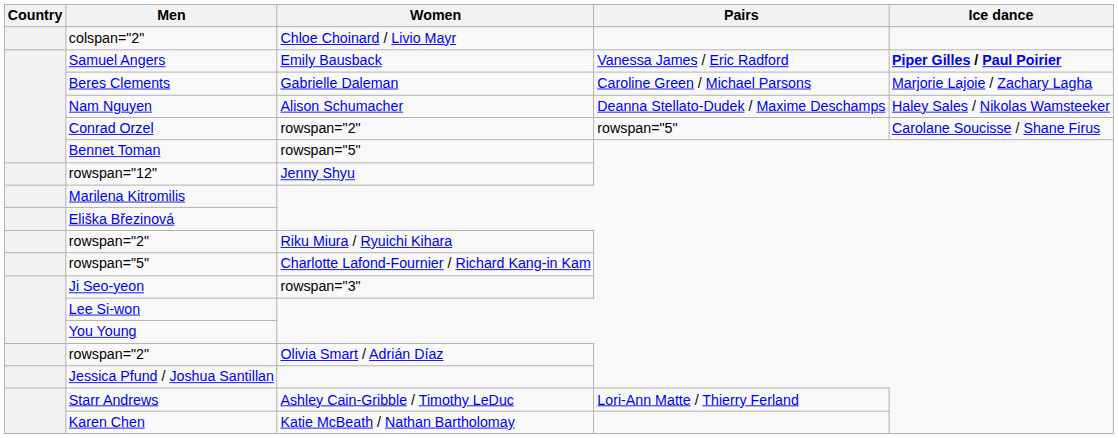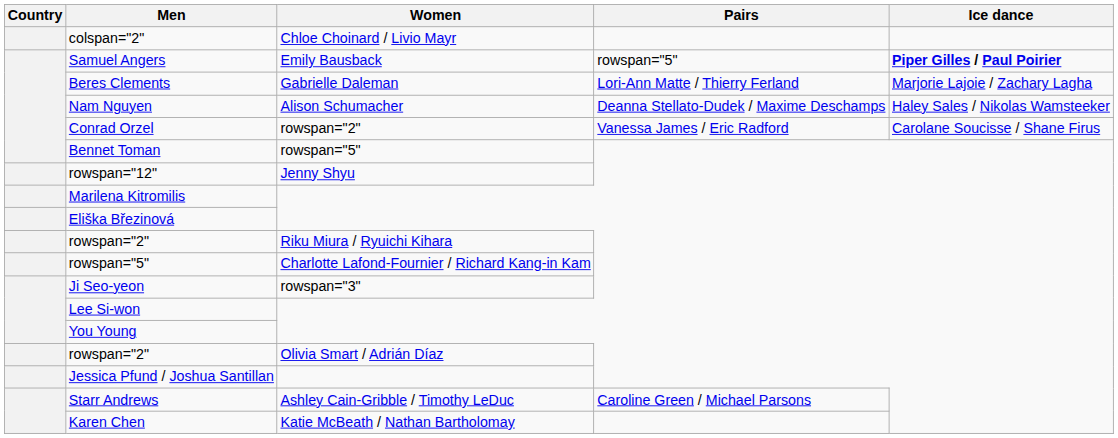 <table class="wikitable sortable" style="text-align:left">
 <tr>
 <th scope="col">Country</th>
 <th scope="col">Men</th>
 <th scope="col">Women</th>
 <th scope="col">Pairs</th>
 <th scope="col">Ice dance</th>
 </tr>
 <tr>
 <th scope="row" style="text-align:left"></th>
 <td>colspan="2" </td>
 <td><a href='#'>Chloe Choinard</a> / <a href='#'>Livio Mayr</a></td>
 <td></td>
 </tr>
 <tr>
 <th rowspan="5" scope="row" style="text-align:left"></th>
 <td><a href='#'>Samuel Angers</a></td>
 <td><a href='#'>Emily Bausback</a></td>
-<td><a href='#'>Vanessa James</a> / <a href='#'>Eric Radford</a></td>
+<td>rowspan="5" </td>
 <td><strong><a href='#'>Piper Gilles</a> / <a href='#'>Paul Poirier</a><br></strong></td>
 </tr>
 <tr>
 <td><a href='#'>Beres Clements</a></td>
 <td><a href='#'>Gabrielle Daleman</a></td>
-<td><a href='#'>Caroline Green</a> / <a href='#'>Michael Parsons</a></td>
+<td><a href='#'>Lori-Ann Matte</a> / <a href='#'>Thierry Ferland</a></td>
 <td><a href='#'>Marjorie Lajoie</a> / <a href='#'>Zachary Lagha</a></td>
 </tr>
 <tr>
 <td><a href='#'>Nam Nguyen</a></td>
 <td><a href='#'>Alison Schumacher</a></td>
 <td><a href='#'>Deanna Stellato-Dudek</a> / <a href='#'>Maxime Deschamps</a></td>
 <td><a href='#'>Haley Sales</a> / <a href='#'>Nikolas Wamsteeker</a></td>
 </tr>
 <tr>
 <td><a href='#'>Conrad Orzel</a></td>
 <td>rowspan="2" </td>
-<td>rowspan="5" </td>
+<td><a href='#'>Vanessa James</a> / <a href='#'>Eric Radford</a></td>
 <td><a href='#'>Carolane Soucisse</a> / <a href='#'>Shane Firus</a></td>
 </tr>
 <tr>
 <td><a href='#'>Bennet Toman</a></td>
 <td>rowspan="5" </td>
 </tr>
 <tr>
 <th scope="row" style="text-align:left"></th>
 <td>rowspan="12" </td>
 <td><a href='#'>Jenny Shyu</a></td>
 </tr>
 <tr>
 <th scope="row" style="text-align:left"></th>
 <td><a href='#'>Marilena Kitromilis</a></td>
 </tr>
 <tr>
 <th scope="row" style="text-align:left"></th>
 <td><a href='#'>Eliška Březinová</a></td>
 </tr>
 <tr>
 <th scope="row" style="text-align:left"></th>
 <td>rowspan="2" </td>
 <td><a href='#'>Riku Miura</a> / <a href='#'>Ryuichi Kihara</a></td>
 </tr>
 <tr>
 <th scope="row" style="text-align:left"></th>
 <td>rowspan="5" </td>
 <td><a href='#'>Charlotte Lafond-Fournier</a> / <a href='#'>Richard Kang-in Kam</a></td>
 </tr>
 <tr>
 <th rowspan="3" scope="row" style="text-align:left"></th>
 <td><a href='#'>Ji Seo-yeon</a></td>
 <td>rowspan="3" </td>
 </tr>
 <tr>
 <td><a href='#'>Lee Si-won</a></td>
 </tr>
 <tr>
 <td><a href='#'>You Young</a></td>
 </tr>
 <tr>
 <th scope="row" style="text-align:left"></th>
 <td>rowspan="2" </td>
 <td><a href='#'>Olivia Smart</a> / <a href='#'>Adrián Díaz</a></td>
 </tr>
 <tr>
 <th scope="row" style="text-align:left"></th>
 <td><a href='#'>Jessica Pfund</a> / <a href='#'>Joshua Santillan</a></td>
 <td></td>
 </tr>
 <tr>
 <th rowspan="2" scope="row" style="text-align:left"></th>
 <td><a href='#'>Starr Andrews</a></td>
 <td><a href='#'>Ashley Cain-Gribble</a> / <a href='#'>Timothy LeDuc</a></td>
-<td><a href='#'>Lori-Ann Matte</a> / <a href='#'>Thierry Ferland</a></td>
+<td><a href='#'>Caroline Green</a> / <a href='#'>Michael Parsons</a></td>
 </tr>
 <tr>
 <td><a href='#'>Karen Chen</a></td>
 <td><a href='#'>Katie McBeath</a> / <a href='#'>Nathan Bartholomay</a></td>
 <td></td>
 </tr>
 </table>
